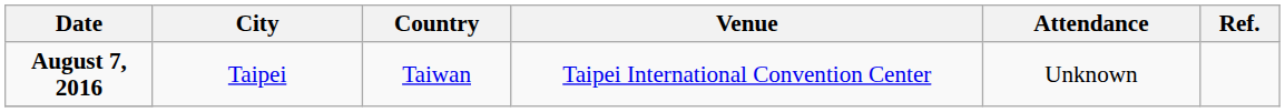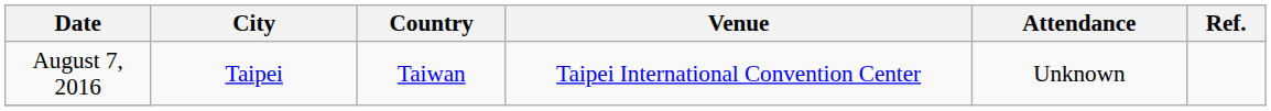 <table class="wikitable" style="text-align:center;">
 <tr>
 <th width="100">Date</th>
 <th width="150">City</th>
 <th width="100">Country</th>
 <th width="350">Venue</th>
 <th width="150">Attendance</th>
 <th width="50">Ref.</th>
 </tr>
 <tr>
-<td><strong>August 7, 2016</strong></td>
+<td>August 7, 2016</td>
 <td rowspan="2"><a href='#'>Taipei</a></td>
 <td rowspan="2"><a href='#'>Taiwan</a></td>
 <td rowspan="2"><a href='#'>Taipei International Convention Center</a></td>
 <td rowspan="2">Unknown</td>
 <td rowspan="2"></td>
 </tr>
 <tr>
 </tr>
 </table>
